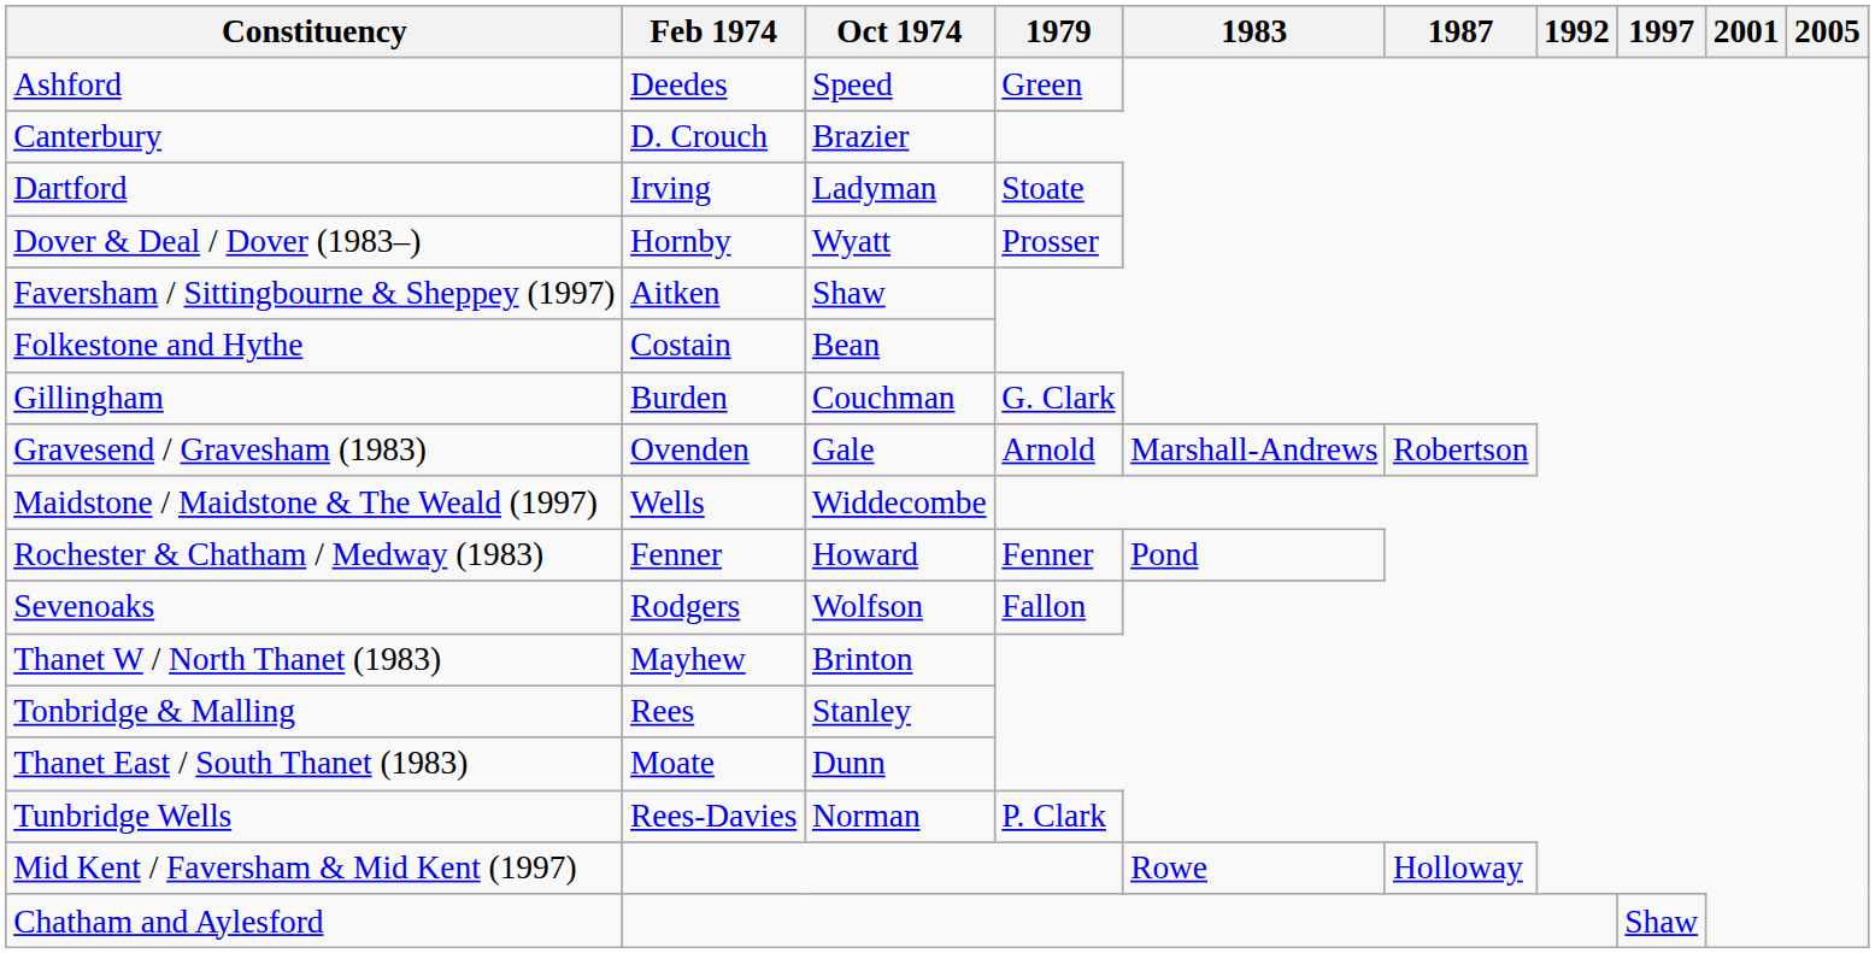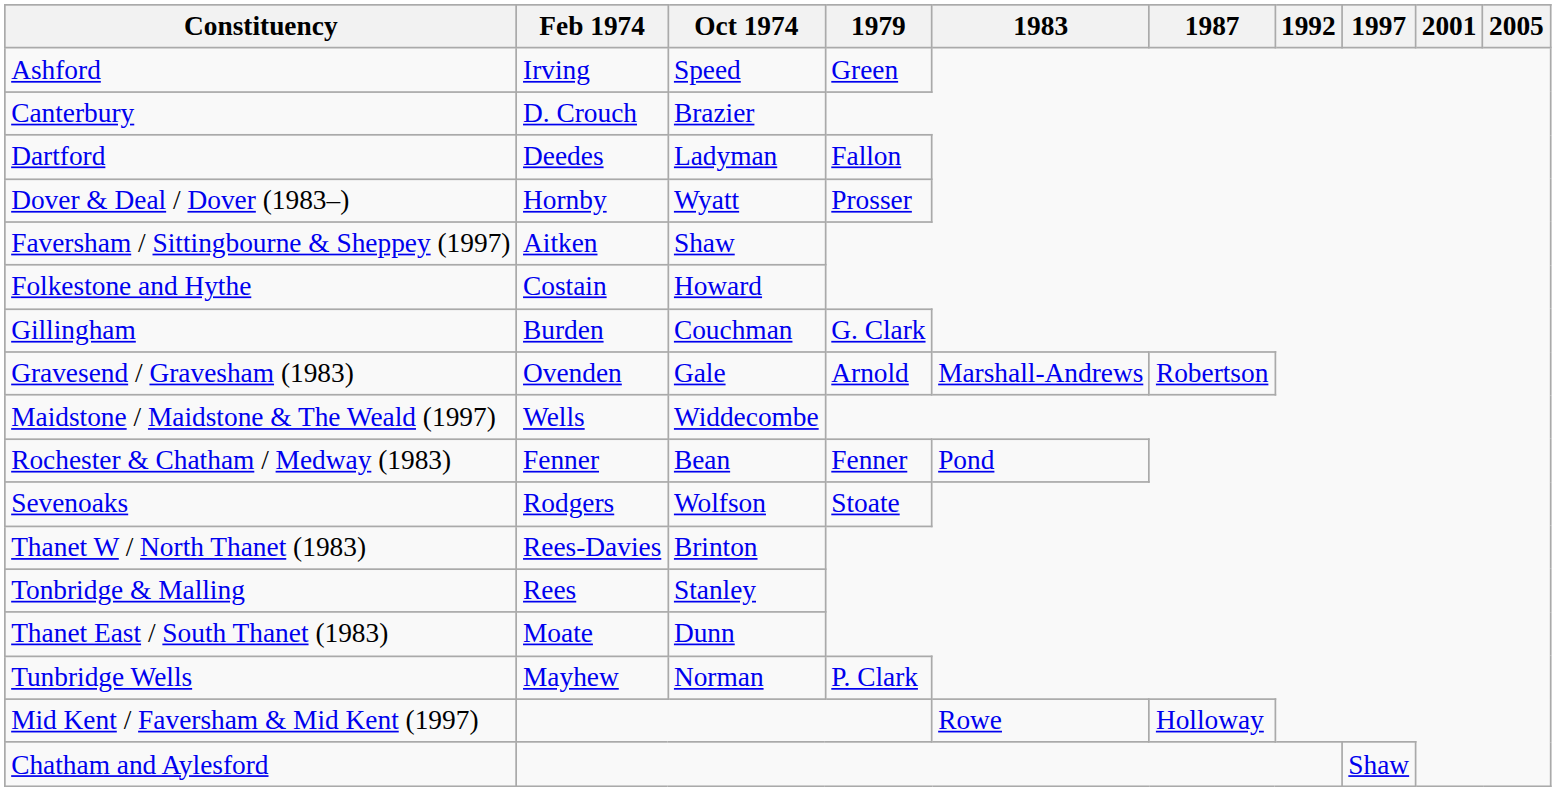 <table class="wikitable">
 <tr>
 <th>Constituency</th>
 <th>Feb 1974</th>
 <th>Oct 1974</th>
 <th>1979</th>
 <th>1983</th>
 <th>1987</th>
 <th>1992</th>
 <th>1997</th>
 <th>2001</th>
 <th>2005</th>
 </tr>
 <tr>
 <td><a href='#'>Ashford</a></td>
-<td><a href='#'>Deedes</a></td>
+<td><a href='#'>Irving</a></td>
 <td><a href='#'>Speed</a></td>
 <td><a href='#'>Green</a></td>
 </tr>
 <tr>
 <td><a href='#'>Canterbury</a></td>
 <td><a href='#'>D. Crouch</a></td>
 <td><a href='#'>Brazier</a></td>
 </tr>
 <tr>
 <td><a href='#'>Dartford</a></td>
-<td><a href='#'>Irving</a></td>
+<td><a href='#'>Deedes</a></td>
 <td><a href='#'>Ladyman</a></td>
-<td><a href='#'>Stoate</a></td>
+<td><a href='#'>Fallon</a></td>
 </tr>
 <tr>
 <td><a href='#'>Dover & Deal</a> / <a href='#'>Dover</a> (1983–)</td>
 <td><a href='#'>Hornby</a></td>
 <td><a href='#'>Wyatt</a></td>
 <td><a href='#'>Prosser</a></td>
 </tr>
 <tr>
 <td><a href='#'>Faversham</a> / <a href='#'>Sittingbourne & Sheppey</a> (1997)</td>
 <td><a href='#'>Aitken</a></td>
 <td><a href='#'>Shaw</a></td>
 </tr>
 <tr>
 <td><a href='#'>Folkestone and Hythe</a></td>
 <td><a href='#'>Costain</a></td>
-<td><a href='#'>Bean</a></td>
+<td><a href='#'>Howard</a></td>
 </tr>
 <tr>
 <td><a href='#'>Gillingham</a></td>
 <td><a href='#'>Burden</a></td>
 <td><a href='#'>Couchman</a></td>
 <td><a href='#'>G. Clark</a></td>
 </tr>
 <tr>
 <td><a href='#'>Gravesend</a> / <a href='#'>Gravesham</a> (1983)</td>
 <td><a href='#'>Ovenden</a></td>
 <td><a href='#'>Gale</a></td>
 <td><a href='#'>Arnold</a></td>
 <td><a href='#'>Marshall-Andrews</a></td>
 <td><a href='#'>Robertson</a></td>
 </tr>
 <tr>
 <td><a href='#'>Maidstone</a> / <a href='#'>Maidstone & The Weald</a> (1997)</td>
 <td><a href='#'>Wells</a></td>
 <td><a href='#'>Widdecombe</a></td>
 </tr>
 <tr>
 <td><a href='#'>Rochester & Chatham</a> / <a href='#'>Medway</a> (1983)</td>
 <td><a href='#'>Fenner</a></td>
-<td><a href='#'>Howard</a></td>
+<td><a href='#'>Bean</a></td>
 <td><a href='#'>Fenner</a></td>
 <td><a href='#'>Pond</a></td>
 </tr>
 <tr>
 <td><a href='#'>Sevenoaks</a></td>
 <td><a href='#'>Rodgers</a></td>
 <td><a href='#'>Wolfson</a></td>
-<td><a href='#'>Fallon</a></td>
+<td><a href='#'>Stoate</a></td>
 </tr>
 <tr>
 <td><a href='#'>Thanet W</a> / <a href='#'>North Thanet</a> (1983)</td>
-<td><a href='#'>Mayhew</a></td>
+<td><a href='#'>Rees-Davies</a></td>
 <td><a href='#'>Brinton</a></td>
 </tr>
 <tr>
 <td><a href='#'>Tonbridge & Malling</a></td>
 <td><a href='#'>Rees</a></td>
 <td><a href='#'>Stanley</a></td>
 </tr>
 <tr>
 <td><a href='#'>Thanet East</a> / <a href='#'>South Thanet</a> (1983)</td>
 <td><a href='#'>Moate</a></td>
 <td><a href='#'>Dunn</a></td>
 </tr>
 <tr>
 <td><a href='#'>Tunbridge Wells</a></td>
-<td><a href='#'>Rees-Davies</a></td>
+<td><a href='#'>Mayhew</a></td>
 <td><a href='#'>Norman</a></td>
 <td><a href='#'>P. Clark</a></td>
 </tr>
 <tr>
 <td><a href='#'>Mid Kent</a> / <a href='#'>Faversham & Mid Kent</a> (1997)</td>
 <td colspan="3"></td>
 <td><a href='#'>Rowe</a></td>
 <td><a href='#'>Holloway</a></td>
 </tr>
 <tr>
 <td><a href='#'>Chatham and Aylesford</a></td>
 <td colspan="6"></td>
 <td><a href='#'>Shaw</a></td>
 </tr>
 </table>
